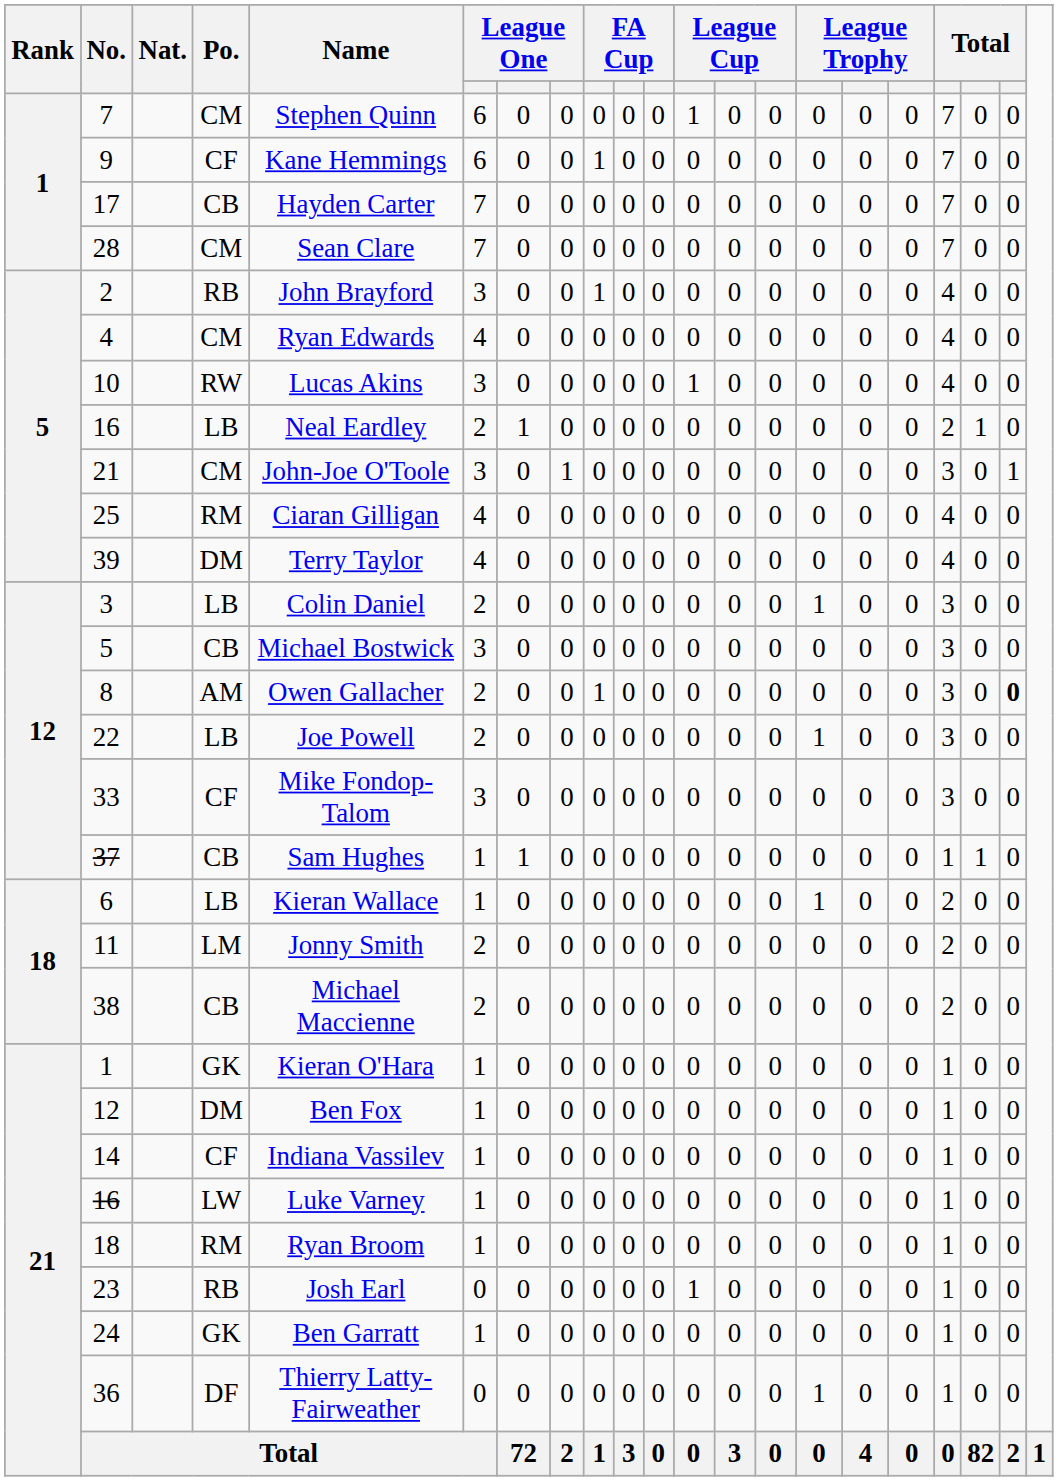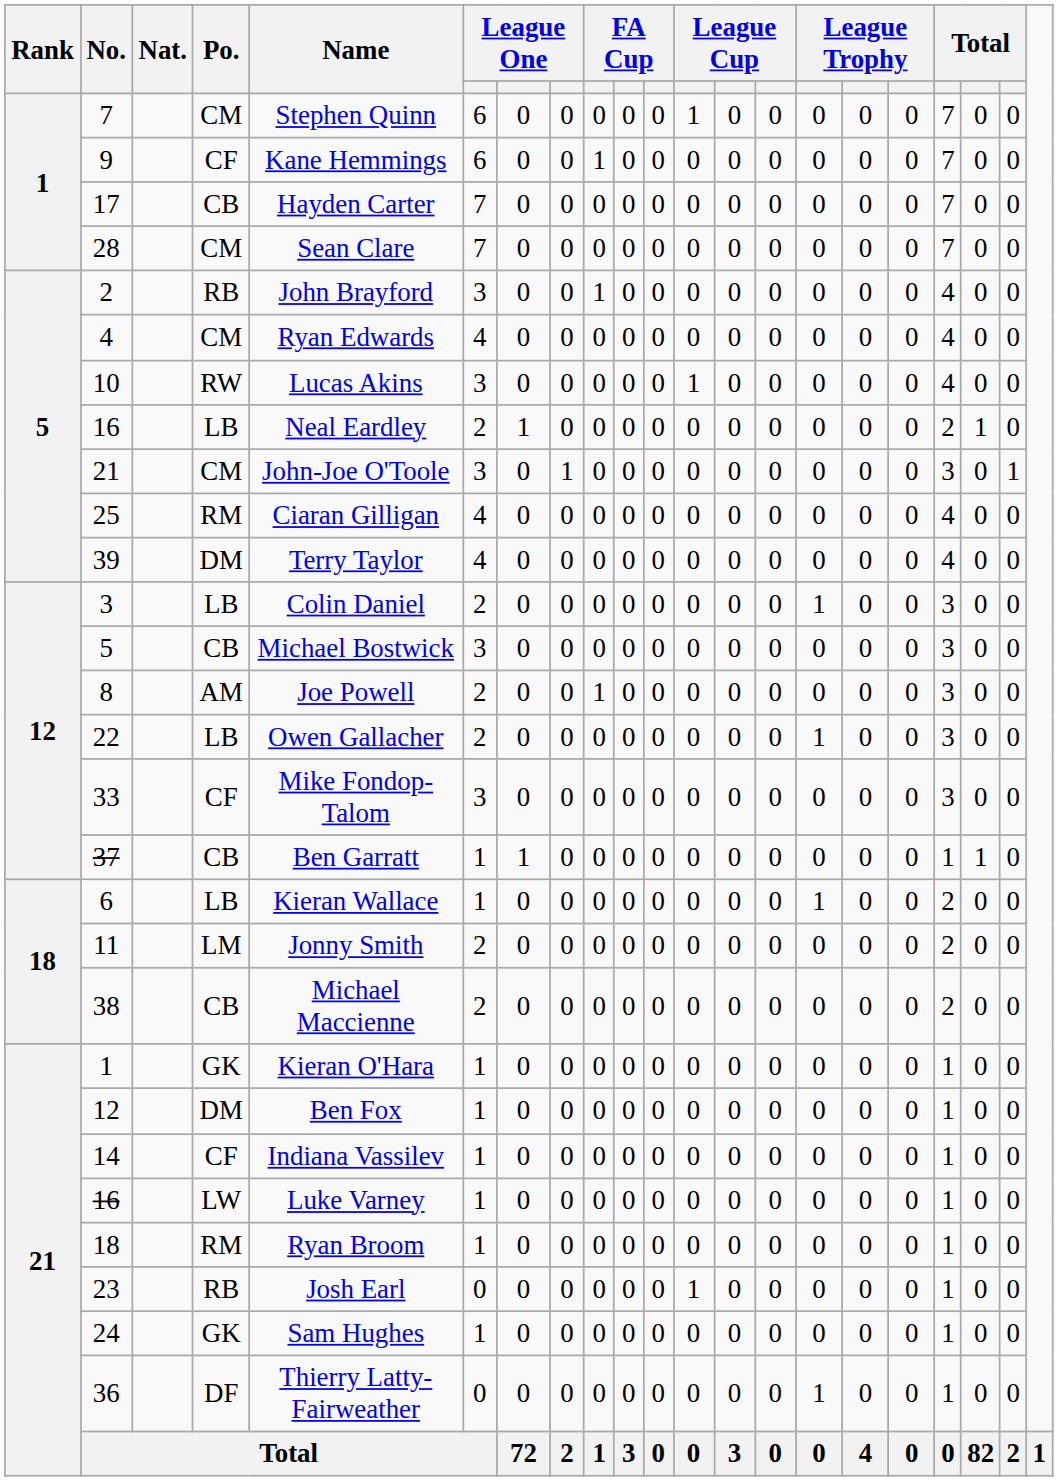 <table class="wikitable" style="text-align:center; font-size:95%; width:95%;">
 <tr>
 <th rowspan=2>Rank</th>
 <th rowspan=2>No.</th>
 <th rowspan=2>Nat.</th>
 <th rowspan=2>Po.</th>
 <th rowspan=2>Name</th>
 <th colspan=3><a href='#'>League One</a></th>
 <th colspan=3><a href='#'>FA Cup</a></th>
 <th colspan=3><a href='#'>League Cup</a></th>
 <th colspan=3><a href='#'>League Trophy</a></th>
 <th colspan=3>Total</th>
 </tr>
 <tr>
 <th></th>
 <th></th>
 <th></th>
 <th></th>
 <th></th>
 <th></th>
 <th></th>
 <th></th>
 <th></th>
 <th></th>
 <th></th>
 <th></th>
 <th></th>
 <th></th>
 <th></th>
 </tr>
 <tr>
 <th rowspan=4>1</th>
 <td>7</td>
 <td></td>
 <td>CM</td>
 <td><a href='#'>Stephen Quinn</a></td>
 <td>6</td>
 <td>0</td>
 <td>0</td>
 <td>0</td>
 <td>0</td>
 <td>0</td>
 <td>1</td>
 <td>0</td>
 <td>0</td>
 <td>0</td>
 <td>0</td>
 <td>0</td>
 <td>7</td>
 <td>0</td>
 <td>0</td>
 </tr>
 <tr>
 <td>9</td>
 <td></td>
 <td>CF</td>
 <td><a href='#'>Kane Hemmings</a></td>
 <td>6</td>
 <td>0</td>
 <td>0</td>
 <td>1</td>
 <td>0</td>
 <td>0</td>
 <td>0</td>
 <td>0</td>
 <td>0</td>
 <td>0</td>
 <td>0</td>
 <td>0</td>
 <td>7</td>
 <td>0</td>
 <td>0</td>
 </tr>
 <tr>
 <td>17</td>
 <td></td>
 <td>CB</td>
 <td><a href='#'>Hayden Carter</a></td>
 <td>7</td>
 <td>0</td>
 <td>0</td>
 <td>0</td>
 <td>0</td>
 <td>0</td>
 <td>0</td>
 <td>0</td>
 <td>0</td>
 <td>0</td>
 <td>0</td>
 <td>0</td>
 <td>7</td>
 <td>0</td>
 <td>0</td>
 </tr>
 <tr>
 <td>28</td>
 <td></td>
 <td>CM</td>
 <td><a href='#'>Sean Clare</a></td>
 <td>7</td>
 <td>0</td>
 <td>0</td>
 <td>0</td>
 <td>0</td>
 <td>0</td>
 <td>0</td>
 <td>0</td>
 <td>0</td>
 <td>0</td>
 <td>0</td>
 <td>0</td>
 <td>7</td>
 <td>0</td>
 <td>0</td>
 </tr>
 <tr>
 <th rowspan=7>5</th>
 <td>2</td>
 <td></td>
 <td>RB</td>
 <td><a href='#'>John Brayford</a></td>
 <td>3</td>
 <td>0</td>
 <td>0</td>
 <td>1</td>
 <td>0</td>
 <td>0</td>
 <td>0</td>
 <td>0</td>
 <td>0</td>
 <td>0</td>
 <td>0</td>
 <td>0</td>
 <td>4</td>
 <td>0</td>
 <td>0</td>
 </tr>
 <tr>
 <td>4</td>
 <td></td>
 <td>CM</td>
 <td><a href='#'>Ryan Edwards</a></td>
 <td>4</td>
 <td>0</td>
 <td>0</td>
 <td>0</td>
 <td>0</td>
 <td>0</td>
 <td>0</td>
 <td>0</td>
 <td>0</td>
 <td>0</td>
 <td>0</td>
 <td>0</td>
 <td>4</td>
 <td>0</td>
 <td>0</td>
 </tr>
 <tr>
 <td>10</td>
 <td></td>
 <td>RW</td>
 <td><a href='#'>Lucas Akins</a></td>
 <td>3</td>
 <td>0</td>
 <td>0</td>
 <td>0</td>
 <td>0</td>
 <td>0</td>
 <td>1</td>
 <td>0</td>
 <td>0</td>
 <td>0</td>
 <td>0</td>
 <td>0</td>
 <td>4</td>
 <td>0</td>
 <td>0</td>
 </tr>
 <tr>
 <td>16</td>
 <td></td>
 <td>LB</td>
 <td><a href='#'>Neal Eardley</a></td>
 <td>2</td>
 <td>1</td>
 <td>0</td>
 <td>0</td>
 <td>0</td>
 <td>0</td>
 <td>0</td>
 <td>0</td>
 <td>0</td>
 <td>0</td>
 <td>0</td>
 <td>0</td>
 <td>2</td>
 <td>1</td>
 <td>0</td>
 </tr>
 <tr>
 <td>21</td>
 <td></td>
 <td>CM</td>
 <td><a href='#'>John-Joe O'Toole</a></td>
 <td>3</td>
 <td>0</td>
 <td>1</td>
 <td>0</td>
 <td>0</td>
 <td>0</td>
 <td>0</td>
 <td>0</td>
 <td>0</td>
 <td>0</td>
 <td>0</td>
 <td>0</td>
 <td>3</td>
 <td>0</td>
 <td>1</td>
 </tr>
 <tr>
 <td>25</td>
 <td></td>
 <td>RM</td>
 <td><a href='#'>Ciaran Gilligan</a></td>
 <td>4</td>
 <td>0</td>
 <td>0</td>
 <td>0</td>
 <td>0</td>
 <td>0</td>
 <td>0</td>
 <td>0</td>
 <td>0</td>
 <td>0</td>
 <td>0</td>
 <td>0</td>
 <td>4</td>
 <td>0</td>
 <td>0</td>
 </tr>
 <tr>
 <td>39</td>
 <td></td>
 <td>DM</td>
 <td><a href='#'>Terry Taylor</a></td>
 <td>4</td>
 <td>0</td>
 <td>0</td>
 <td>0</td>
 <td>0</td>
 <td>0</td>
 <td>0</td>
 <td>0</td>
 <td>0</td>
 <td>0</td>
 <td>0</td>
 <td>0</td>
 <td>4</td>
 <td>0</td>
 <td>0</td>
 </tr>
 <tr>
 <th rowspan=6>12</th>
 <td>3</td>
 <td></td>
 <td>LB</td>
 <td><a href='#'>Colin Daniel</a></td>
 <td>2</td>
 <td>0</td>
 <td>0</td>
 <td>0</td>
 <td>0</td>
 <td>0</td>
 <td>0</td>
 <td>0</td>
 <td>0</td>
 <td>1</td>
 <td>0</td>
 <td>0</td>
 <td>3</td>
 <td>0</td>
 <td>0</td>
 </tr>
 <tr>
 <td>5</td>
 <td></td>
 <td>CB</td>
 <td><a href='#'>Michael Bostwick</a></td>
 <td>3</td>
 <td>0</td>
 <td>0</td>
 <td>0</td>
 <td>0</td>
 <td>0</td>
 <td>0</td>
 <td>0</td>
 <td>0</td>
 <td>0</td>
 <td>0</td>
 <td>0</td>
 <td>3</td>
 <td>0</td>
 <td>0</td>
 </tr>
 <tr>
 <td>8</td>
 <td></td>
 <td>AM</td>
-<td><a href='#'>Owen Gallacher</a></td>
+<td><a href='#'>Joe Powell</a></td>
 <td>2</td>
 <td>0</td>
 <td>0</td>
 <td>1</td>
 <td>0</td>
 <td>0</td>
 <td>0</td>
 <td>0</td>
 <td>0</td>
 <td>0</td>
 <td>0</td>
 <td>0</td>
 <td>3</td>
 <td>0</td>
-<td><strong>0</strong></td>
+<td>0</td>
 </tr>
 <tr>
 <td>22</td>
 <td></td>
 <td>LB</td>
-<td><a href='#'>Joe Powell</a></td>
+<td><a href='#'>Owen Gallacher</a></td>
 <td>2</td>
 <td>0</td>
 <td>0</td>
 <td>0</td>
 <td>0</td>
 <td>0</td>
 <td>0</td>
 <td>0</td>
 <td>0</td>
 <td>1</td>
 <td>0</td>
 <td>0</td>
 <td>3</td>
 <td>0</td>
 <td>0</td>
 </tr>
 <tr>
 <td>33</td>
 <td></td>
 <td>CF</td>
 <td><a href='#'>Mike Fondop-Talom</a></td>
 <td>3</td>
 <td>0</td>
 <td>0</td>
 <td>0</td>
 <td>0</td>
 <td>0</td>
 <td>0</td>
 <td>0</td>
 <td>0</td>
 <td>0</td>
 <td>0</td>
 <td>0</td>
 <td>3</td>
 <td>0</td>
 <td>0</td>
 </tr>
 <tr>
 <td><s>37</s></td>
 <td></td>
 <td>CB</td>
-<td><a href='#'>Sam Hughes</a></td>
+<td><a href='#'>Ben Garratt</a></td>
 <td>1</td>
 <td>1</td>
 <td>0</td>
 <td>0</td>
 <td>0</td>
 <td>0</td>
 <td>0</td>
 <td>0</td>
 <td>0</td>
 <td>0</td>
 <td>0</td>
 <td>0</td>
 <td>1</td>
 <td>1</td>
 <td>0</td>
 </tr>
 <tr>
 <th rowspan=3>18</th>
 <td>6</td>
 <td></td>
 <td>LB</td>
 <td><a href='#'>Kieran Wallace</a></td>
 <td>1</td>
 <td>0</td>
 <td>0</td>
 <td>0</td>
 <td>0</td>
 <td>0</td>
 <td>0</td>
 <td>0</td>
 <td>0</td>
 <td>1</td>
 <td>0</td>
 <td>0</td>
 <td>2</td>
 <td>0</td>
 <td>0</td>
 </tr>
 <tr>
 <td>11</td>
 <td></td>
 <td>LM</td>
 <td><a href='#'>Jonny Smith</a></td>
 <td>2</td>
 <td>0</td>
 <td>0</td>
 <td>0</td>
 <td>0</td>
 <td>0</td>
 <td>0</td>
 <td>0</td>
 <td>0</td>
 <td>0</td>
 <td>0</td>
 <td>0</td>
 <td>2</td>
 <td>0</td>
 <td>0</td>
 </tr>
 <tr>
 <td>38</td>
 <td></td>
 <td>CB</td>
 <td><a href='#'>Michael Maccienne</a></td>
 <td>2</td>
 <td>0</td>
 <td>0</td>
 <td>0</td>
 <td>0</td>
 <td>0</td>
 <td>0</td>
 <td>0</td>
 <td>0</td>
 <td>0</td>
 <td>0</td>
 <td>0</td>
 <td>2</td>
 <td>0</td>
 <td>0</td>
 </tr>
 <tr>
 <th rowspan=10>21</th>
 <td>1</td>
 <td></td>
 <td>GK</td>
 <td><a href='#'>Kieran O'Hara</a></td>
 <td>1</td>
 <td>0</td>
 <td>0</td>
 <td>0</td>
 <td>0</td>
 <td>0</td>
 <td>0</td>
 <td>0</td>
 <td>0</td>
 <td>0</td>
 <td>0</td>
 <td>0</td>
 <td>1</td>
 <td>0</td>
 <td>0</td>
 </tr>
 <tr>
 <td>12</td>
 <td></td>
 <td>DM</td>
 <td><a href='#'>Ben Fox</a></td>
 <td>1</td>
 <td>0</td>
 <td>0</td>
 <td>0</td>
 <td>0</td>
 <td>0</td>
 <td>0</td>
 <td>0</td>
 <td>0</td>
 <td>0</td>
 <td>0</td>
 <td>0</td>
 <td>1</td>
 <td>0</td>
 <td>0</td>
 </tr>
 <tr>
 <td>14</td>
 <td></td>
 <td>CF</td>
 <td><a href='#'>Indiana Vassilev</a></td>
 <td>1</td>
 <td>0</td>
 <td>0</td>
 <td>0</td>
 <td>0</td>
 <td>0</td>
 <td>0</td>
 <td>0</td>
 <td>0</td>
 <td>0</td>
 <td>0</td>
 <td>0</td>
 <td>1</td>
 <td>0</td>
 <td>0</td>
 </tr>
 <tr>
 <td><s>16</s></td>
 <td></td>
 <td>LW</td>
 <td><a href='#'>Luke Varney</a></td>
 <td>1</td>
 <td>0</td>
 <td>0</td>
 <td>0</td>
 <td>0</td>
 <td>0</td>
 <td>0</td>
 <td>0</td>
 <td>0</td>
 <td>0</td>
 <td>0</td>
 <td>0</td>
 <td>1</td>
 <td>0</td>
 <td>0</td>
 </tr>
 <tr>
 <td>18</td>
 <td></td>
 <td>RM</td>
 <td><a href='#'>Ryan Broom</a></td>
 <td>1</td>
 <td>0</td>
 <td>0</td>
 <td>0</td>
 <td>0</td>
 <td>0</td>
 <td>0</td>
 <td>0</td>
 <td>0</td>
 <td>0</td>
 <td>0</td>
 <td>0</td>
 <td>1</td>
 <td>0</td>
 <td>0</td>
 </tr>
 <tr>
 <td>23</td>
 <td></td>
 <td>RB</td>
 <td><a href='#'>Josh Earl</a></td>
 <td>0</td>
 <td>0</td>
 <td>0</td>
 <td>0</td>
 <td>0</td>
 <td>0</td>
 <td>1</td>
 <td>0</td>
 <td>0</td>
 <td>0</td>
 <td>0</td>
 <td>0</td>
 <td>1</td>
 <td>0</td>
 <td>0</td>
 </tr>
 <tr>
 <td>24</td>
 <td></td>
 <td>GK</td>
-<td><a href='#'>Ben Garratt</a></td>
+<td><a href='#'>Sam Hughes</a></td>
 <td>1</td>
 <td>0</td>
 <td>0</td>
 <td>0</td>
 <td>0</td>
 <td>0</td>
 <td>0</td>
 <td>0</td>
 <td>0</td>
 <td>0</td>
 <td>0</td>
 <td>0</td>
 <td>1</td>
 <td>0</td>
 <td>0</td>
 </tr>
 <tr>
 <td>36</td>
 <td></td>
 <td>DF</td>
 <td><a href='#'>Thierry Latty-Fairweather</a></td>
 <td>0</td>
 <td>0</td>
 <td>0</td>
 <td>0</td>
 <td>0</td>
 <td>0</td>
 <td>0</td>
 <td>0</td>
 <td>0</td>
 <td>1</td>
 <td>0</td>
 <td>0</td>
 <td>1</td>
 <td>0</td>
 <td>0</td>
 </tr>
 <tr>
 <th colspan=5>Total</th>
 <th>72</th>
 <th>2</th>
 <th>1</th>
 <th>3</th>
 <th>0</th>
 <th>0</th>
 <th>3</th>
 <th>0</th>
 <th>0</th>
 <th>4</th>
 <th>0</th>
 <th>0</th>
 <th>82</th>
 <th>2</th>
 <th>1</th>
 </tr>
 </table>
